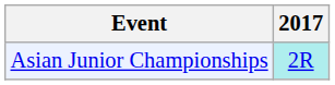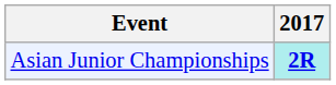 <table class="wikitable" style="font-size: 90%; text-align:center">
 <tr>
 <th>Event</th>
 <th>2017</th>
 </tr>
 <tr>
 <td bgcolor="#ECF2FF"; align="left"><a href='#'>Asian Junior Championships</a></td>
-<td bgcolor=AFEEEE><a href='#'>2R</a></td>
+<td bgcolor=AFEEEE><strong><a href='#'>2R</a></strong></td>
 </tr>
 </table>
